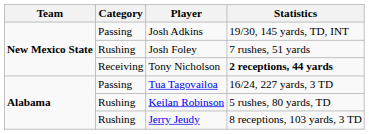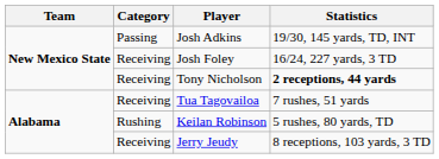 <table class="wikitable" style="float: left;">
 <tr>
 <th>Team</th>
 <th>Category</th>
 <th>Player</th>
 <th>Statistics</th>
 </tr>
 <tr>
 <td rowspan=3><strong>New Mexico State</strong></td>
 <td>Passing</td>
 <td>Josh Adkins</td>
 <td>19/30, 145 yards, TD, INT</td>
 </tr>
 <tr>
-<td>Rushing</td>
+<td>Receiving</td>
 <td>Josh Foley</td>
-<td>7 rushes, 51 yards</td>
+<td>16/24, 227 yards, 3 TD</td>
 </tr>
 <tr>
 <td>Receiving</td>
 <td>Tony Nicholson</td>
 <td><strong>2 receptions, 44 yards</strong></td>
 </tr>
 <tr>
 <td rowspan=3><strong>Alabama</strong></td>
-<td>Passing</td>
+<td>Receiving</td>
 <td><a href='#'>Tua Tagovailoa</a></td>
-<td>16/24, 227 yards, 3 TD</td>
+<td>7 rushes, 51 yards</td>
 </tr>
 <tr>
 <td>Rushing</td>
 <td><a href='#'>Keilan Robinson</a></td>
 <td>5 rushes, 80 yards, TD</td>
 </tr>
 <tr>
-<td>Rushing</td>
+<td>Receiving</td>
 <td><a href='#'>Jerry Jeudy</a></td>
 <td>8 receptions, 103 yards, 3 TD</td>
 </tr>
 </table>
